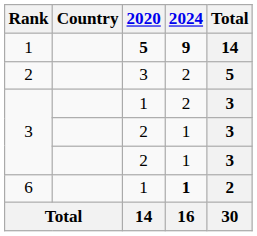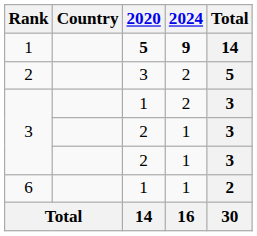 <table class=wikitable style="font-size:90%; text-align:center">
 <tr>
 <th>Rank</th>
 <th>Country</th>
 <th><a href='#'>2020</a></th>
 <th><a href='#'>2024</a></th>
 <th>Total</th>
 </tr>
 <tr>
 <td>1</td>
 <td align=left></td>
 <td><strong>5</strong></td>
 <td><strong>9</strong></td>
 <th>14</th>
 </tr>
 <tr>
 <td>2</td>
 <td align=left></td>
 <td>3</td>
 <td>2</td>
 <th>5</th>
 </tr>
 <tr>
 <td rowspan="3">3</td>
 <td align=left></td>
 <td>1</td>
 <td>2</td>
 <th>3</th>
 </tr>
 <tr>
 <td align=left></td>
 <td>2</td>
 <td>1</td>
 <th>3</th>
 </tr>
 <tr>
 <td align=left></td>
 <td>2</td>
 <td>1</td>
 <th>3</th>
 </tr>
 <tr>
 <td>6</td>
 <td align=left></td>
 <td>1</td>
-<td><strong>1</strong></td>
+<td>1</td>
 <th>2</th>
 </tr>
 <tr>
 <th colspan=2>Total</th>
 <th>14</th>
 <th>16</th>
 <th>30</th>
 </tr>
 </table>
